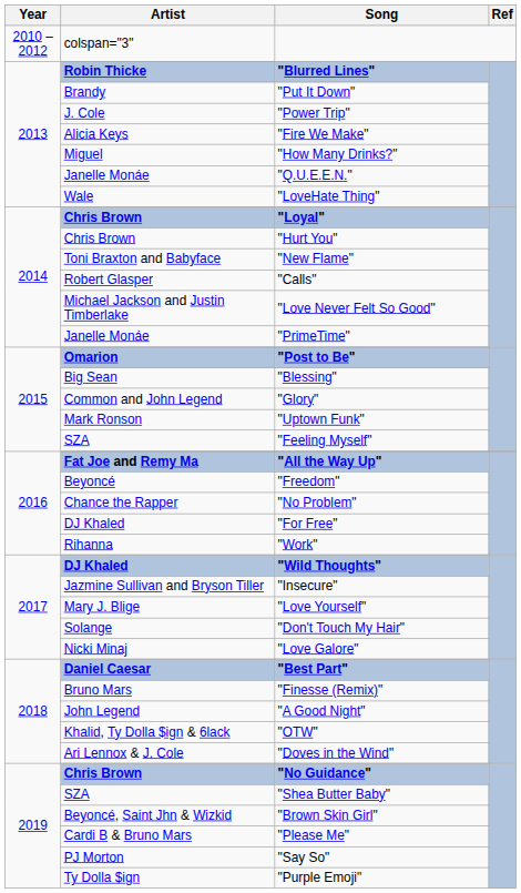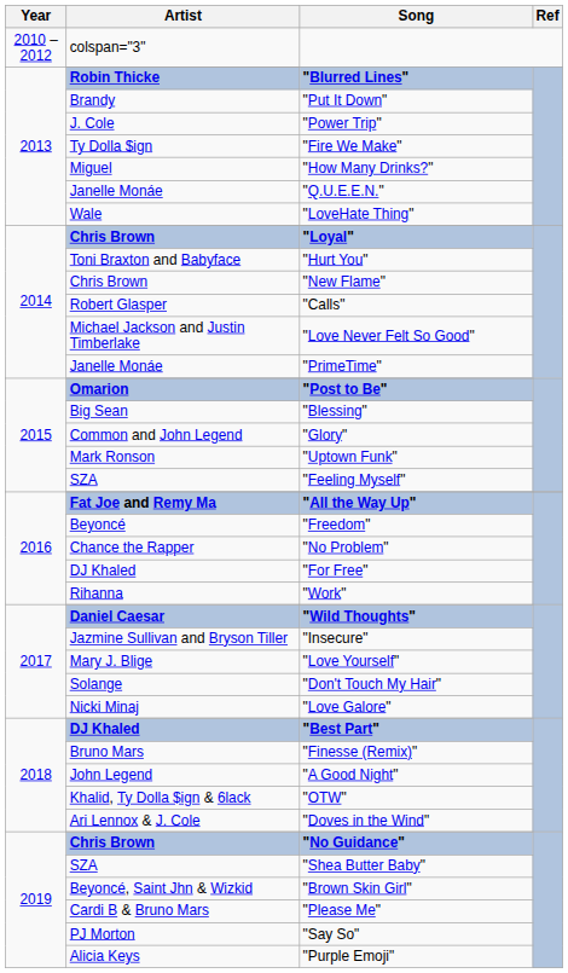 <table class="wikitable" style="width:100%;">
 <tr style="background:#bebebe;">
 <th style="width:11%;">Year</th>
 <th style="width:42%;">Artist</th>
 <th style="width:42%;">Song</th>
 <th style="width:5%;">Ref</th>
 </tr>
 <tr>
 <td align="center"><a href='#'>2010</a> – <a href='#'>2012</a></td>
 <td>colspan="3" </td>
 </tr>
 <tr>
 <td rowspan="8" align="center"><a href='#'>2013</a></td>
 </tr>
 <tr style="background:#B0C4DE">
 <td><strong><a href='#'>Robin Thicke</a> </strong></td>
 <td><strong>"<a href='#'>Blurred Lines</a>"</strong></td>
 <td rowspan="8" align="center"></td>
 </tr>
 <tr>
 <td><a href='#'>Brandy</a> </td>
 <td>"<a href='#'>Put It Down</a>"</td>
 </tr>
 <tr>
 <td><a href='#'>J. Cole</a> </td>
 <td>"<a href='#'>Power Trip</a>"</td>
 </tr>
 <tr>
-<td><a href='#'>Alicia Keys</a> </td>
+<td><a href='#'>Ty Dolla $ign</a> </td>
 <td>"<a href='#'>Fire We Make</a>"</td>
 </tr>
 <tr>
 <td><a href='#'>Miguel</a> </td>
 <td>"<a href='#'>How Many Drinks?</a>"</td>
 </tr>
 <tr>
 <td><a href='#'>Janelle Monáe</a> </td>
 <td>"<a href='#'>Q.U.E.E.N.</a>"</td>
 </tr>
 <tr>
 <td><a href='#'>Wale</a> </td>
 <td>"<a href='#'>LoveHate Thing</a>"</td>
 </tr>
 <tr>
 <td rowspan="7" align="center"><a href='#'>2014</a></td>
 </tr>
 <tr style="background:#B0C4DE">
 <td><strong><a href='#'>Chris Brown</a> </strong></td>
 <td><strong>"<a href='#'>Loyal</a>"</strong></td>
 <td rowspan="7" align="center"></td>
 </tr>
 <tr>
-<td><a href='#'>Chris Brown</a> </td>
+<td><a href='#'>Toni Braxton</a> and <a href='#'>Babyface</a></td>
 <td>"<a href='#'>Hurt You</a>"</td>
 </tr>
 <tr>
-<td><a href='#'>Toni Braxton</a> and <a href='#'>Babyface</a></td>
+<td><a href='#'>Chris Brown</a> </td>
 <td>"<a href='#'>New Flame</a>"</td>
 </tr>
 <tr>
 <td><a href='#'>Robert Glasper</a> </td>
 <td>"Calls"</td>
 </tr>
 <tr>
 <td><a href='#'>Michael Jackson</a> and <a href='#'>Justin Timberlake</a></td>
 <td>"<a href='#'>Love Never Felt So Good</a>"</td>
 </tr>
 <tr>
 <td><a href='#'>Janelle Monáe</a> </td>
 <td>"<a href='#'>PrimeTime</a>"</td>
 </tr>
 <tr>
 <td rowspan="6" align="center"><a href='#'>2015</a></td>
 </tr>
 <tr style="background:#B0C4DE">
 <td><strong><a href='#'>Omarion</a> </strong></td>
 <td><strong>"<a href='#'>Post to Be</a>"</strong></td>
 <td rowspan="5" align="center"></td>
 </tr>
 <tr>
 <td><a href='#'>Big Sean</a> </td>
 <td>"<a href='#'>Blessing</a>"</td>
 </tr>
 <tr>
 <td><a href='#'>Common</a> and <a href='#'>John Legend</a></td>
 <td>"<a href='#'>Glory</a>"</td>
 </tr>
 <tr>
 <td><a href='#'>Mark Ronson</a> </td>
 <td>"<a href='#'>Uptown Funk</a>"</td>
 </tr>
 <tr>
 <td><a href='#'>SZA</a> </td>
 <td>"<a href='#'>Feeling Myself</a>"</td>
 </tr>
 <tr>
 <td rowspan="6" align="center"><a href='#'>2016</a></td>
 </tr>
 <tr style="background:#B0C4DE">
 <td><strong><a href='#'>Fat Joe</a> and <a href='#'>Remy Ma</a> </strong></td>
 <td><strong>"<a href='#'>All the Way Up</a>"</strong></td>
 <td rowspan="6" align="center"></td>
 </tr>
 <tr>
 <td><a href='#'>Beyoncé</a> </td>
 <td>"<a href='#'>Freedom</a>"</td>
 </tr>
 <tr>
 <td><a href='#'>Chance the Rapper</a> </td>
 <td>"<a href='#'>No Problem</a>"</td>
 </tr>
 <tr>
 <td><a href='#'>DJ Khaled</a> </td>
 <td>"<a href='#'>For Free</a>"</td>
 </tr>
 <tr>
 <td><a href='#'>Rihanna</a> </td>
 <td>"<a href='#'>Work</a>"</td>
 </tr>
 <tr>
 <td rowspan="6" align="center"><a href='#'>2017</a></td>
 </tr>
 <tr style="background:#B0C4DE">
-<td><strong><a href='#'>DJ Khaled</a> </strong></td>
+<td><strong><a href='#'>Daniel Caesar</a> </strong></td>
 <td><strong>"<a href='#'>Wild Thoughts</a>"</strong></td>
 <td rowspan="6" align="center"></td>
 </tr>
 <tr>
 <td><a href='#'>Jazmine Sullivan</a> and <a href='#'>Bryson Tiller</a></td>
 <td>"Insecure"</td>
 </tr>
 <tr>
 <td><a href='#'>Mary J. Blige</a> </td>
 <td>"<a href='#'>Love Yourself</a>"</td>
 </tr>
 <tr>
 <td><a href='#'>Solange</a> </td>
 <td>"<a href='#'>Don't Touch My Hair</a>"</td>
 </tr>
 <tr>
 <td><a href='#'>Nicki Minaj</a> </td>
 <td>"<a href='#'>Love Galore</a>"</td>
 </tr>
 <tr>
 <td rowspan="6" align="center"><a href='#'>2018</a></td>
 </tr>
 <tr style="background:#B0C4DE">
-<td><strong><a href='#'>Daniel Caesar</a> </strong></td>
+<td><strong><a href='#'>DJ Khaled</a> </strong></td>
 <td><strong>"<a href='#'>Best Part</a>"</strong></td>
 <td rowspan="6" align="center"></td>
 </tr>
 <tr>
 <td><a href='#'>Bruno Mars</a> </td>
 <td>"<a href='#'>Finesse (Remix)</a>"</td>
 </tr>
 <tr>
 <td><a href='#'>John Legend</a> </td>
 <td>"<a href='#'>A Good Night</a>"</td>
 </tr>
 <tr>
 <td><a href='#'>Khalid</a>, <a href='#'>Ty Dolla $ign</a> & <a href='#'>6lack</a></td>
 <td>"<a href='#'>OTW</a>"</td>
 </tr>
 <tr>
 <td><a href='#'>Ari Lennox</a> & <a href='#'>J. Cole</a></td>
 <td>"<a href='#'>Doves in the Wind</a>"</td>
 </tr>
 <tr>
 <td rowspan="7" align="center"><a href='#'>2019</a></td>
 </tr>
 <tr style="background:#B0C4DE">
 <td><strong><a href='#'>Chris Brown</a> </strong></td>
 <td><strong>"<a href='#'>No Guidance</a>"</strong></td>
 <td rowspan="7" align="center"></td>
 </tr>
 <tr>
 <td><a href='#'>SZA</a> </td>
 <td>"<a href='#'>Shea Butter Baby</a>"</td>
 </tr>
 <tr>
 <td><a href='#'>Beyoncé</a>, <a href='#'>Saint Jhn</a> & <a href='#'>Wizkid</a> </td>
 <td>"<a href='#'>Brown Skin Girl</a>"</td>
 </tr>
 <tr>
 <td><a href='#'>Cardi B</a> & <a href='#'>Bruno Mars</a></td>
 <td>"<a href='#'>Please Me</a>"</td>
 </tr>
 <tr>
 <td><a href='#'>PJ Morton</a> </td>
 <td>"Say So"</td>
 </tr>
 <tr>
-<td><a href='#'>Ty Dolla $ign</a> </td>
+<td><a href='#'>Alicia Keys</a> </td>
 <td>"Purple Emoji"</td>
 </tr>
 </table>
